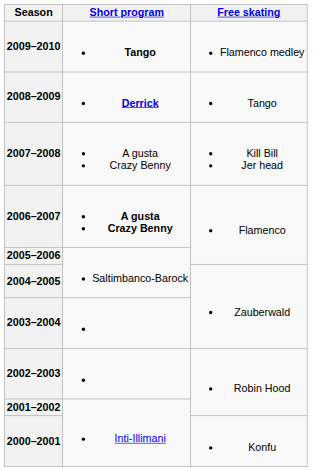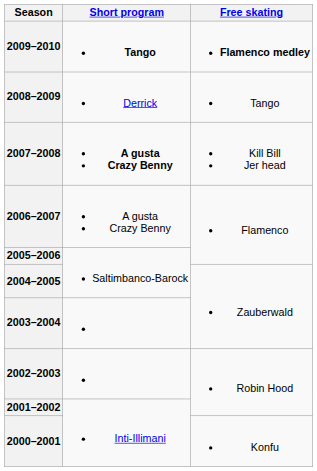 <table class=wikitable style=text-align:center>
 <tr>
 <th>Season</th>
 <th><a href='#'>Short program</a></th>
 <th><a href='#'>Free skating</a></th>
 </tr>
 <tr>
 <th>2009–2010 <br> </th>
 <td><strong><br><ul><li>Tango <br></li></ul></strong></td>
-<td><br><ul><li>Flamenco medley</li></ul></td>
+<td><strong><br><ul><li>Flamenco medley</li></ul></strong></td>
 </tr>
 <tr>
 <th>2008–2009 <br> </th>
-<td><strong><br><ul><li><a href='#'>Derrick</a></li></ul></strong></td>
+<td><br><ul><li><a href='#'>Derrick</a></li></ul></td>
 <td><br><ul><li>Tango</li></ul></td>
 </tr>
 <tr>
 <th>2007–2008 <br> </th>
-<td><br><ul><li>A gusta</li><li>Crazy Benny <br></li></ul></td>
+<td><strong><br><ul><li>A gusta</li><li>Crazy Benny <br></li></ul></strong></td>
 <td><br><ul><li>Kill Bill</li><li>Jer head</li></ul></td>
 </tr>
 <tr>
 <th>2006–2007 <br> </th>
-<td><strong><br><ul><li>A gusta</li><li>Crazy Benny <br></li></ul></strong></td>
+<td><br><ul><li>A gusta</li><li>Crazy Benny <br></li></ul></td>
 <td rowspan="2"><br><ul><li>Flamenco</li></ul></td>
 </tr>
 <tr>
 <th>2005–2006 <br> </th>
 <td rowspan="2"><br><ul><li>Saltimbanco-Barock <br></li></ul></td>
 </tr>
 <tr>
 <th>2004–2005 <br> </th>
 <td rowspan="2"><br><ul><li>Zauberwald <br></li></ul></td>
 </tr>
 <tr>
 <th>2003–2004 <br> </th>
 <td><br><ul><li></li></ul></td>
 </tr>
 <tr>
 <th>2002–2003 <br> </th>
 <td><br><ul><li></li></ul></td>
 <td rowspan="2"><br><ul><li>Robin Hood</li></ul></td>
 </tr>
 <tr>
 <th>2001–2002 <br> </th>
 <td rowspan="2"><br><ul><li><a href='#'>Inti-Illimani</a></li></ul></td>
 </tr>
 <tr>
 <th>2000–2001 <br> </th>
 <td><br><ul><li>Konfu</li></ul></td>
 </tr>
 </table>
